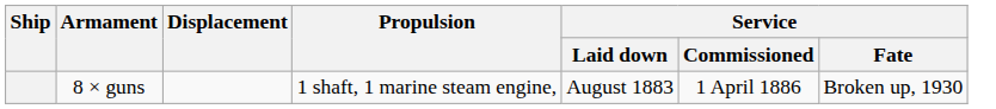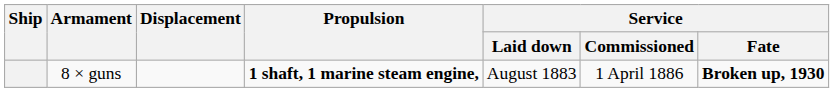 <table class="wikitable plainrowheaders" style="text-align: center;">
 <tr valign="top">
 <th scope="col" rowspan="2">Ship</th>
 <th scope="col" rowspan="2">Armament</th>
 <th scope="col" rowspan="2">Displacement</th>
 <th scope="col" rowspan="2">Propulsion</th>
 <th scope="col" colspan="3">Service</th>
 </tr>
 <tr valign="top">
 <th scope="col">Laid down</th>
 <th scope="col">Commissioned</th>
 <th scope="col">Fate</th>
 </tr>
 <tr valign="center">
 <th scope="row"></th>
 <td>8 ×  guns</td>
 <td></td>
-<td>1 shaft, 1 marine steam engine, </td>
+<td><strong>1 shaft, 1 marine steam engine, </strong></td>
 <td>August 1883</td>
 <td>1 April 1886</td>
-<td>Broken up, 1930</td>
+<td><strong>Broken up, 1930</strong></td>
 </tr>
 </table>
